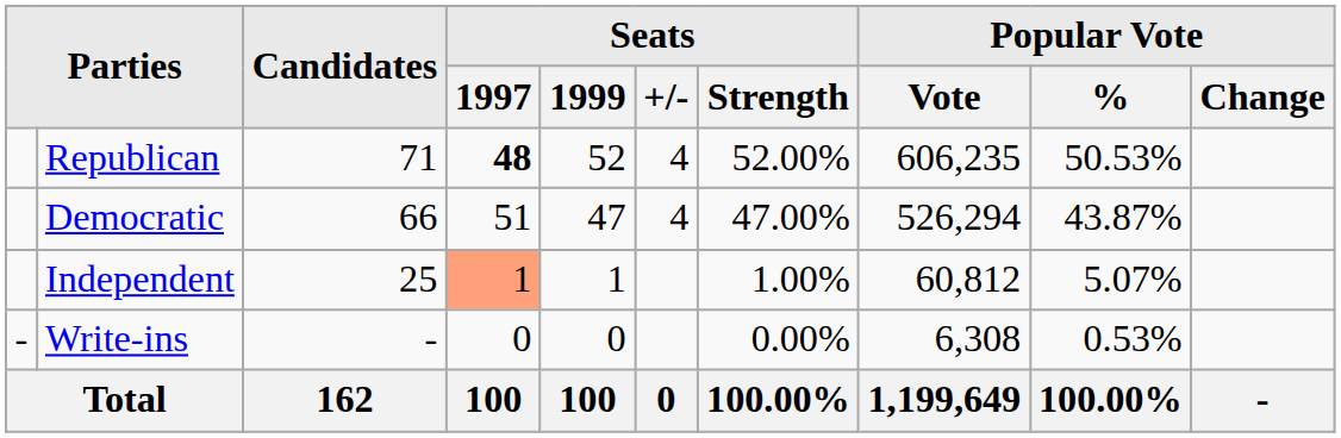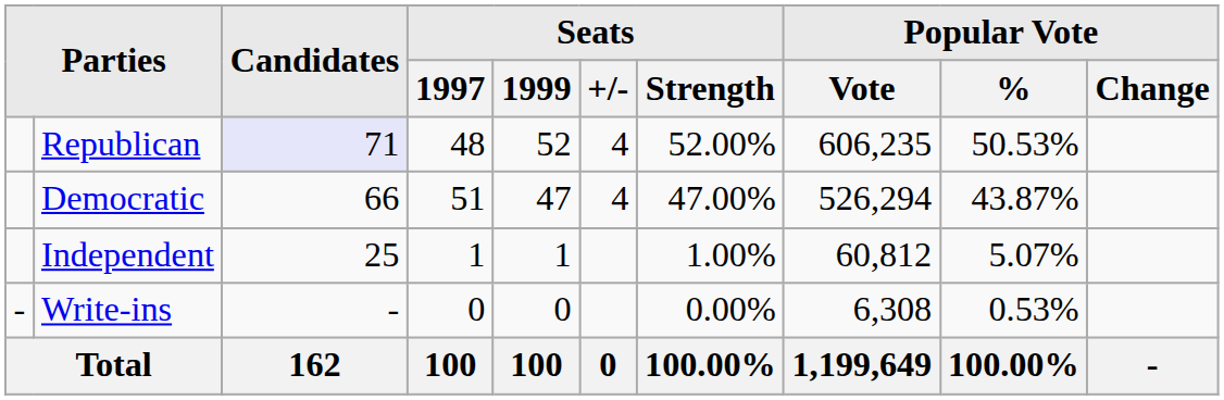 <table class=wikitable>
 <tr>
 <th style="background-color:#E9E9E9" align=center rowspan= 2 colspan=2>Parties</th>
 <th style="background-color:#E9E9E9" align=center rowspan= 2>Candidates</th>
 <th style="background-color:#E9E9E9" align=center colspan=4>Seats</th>
 <th style="background-color:#E9E9E9" align=center colspan=3>Popular Vote</th>
 </tr>
 <tr>
 <th align=center>1997</th>
 <th align=center>1999</th>
 <th align=center>+/-</th>
 <th align=center>Strength</th>
 <th align=center>Vote</th>
 <th align=center>%</th>
 <th align=center>Change</th>
 </tr>
 <tr>
 <td></td>
 <td align=left><a href='#'>Republican</a></td>
-<td align=right>71</td>
-<td align=right><strong>48</strong></td>
+<td align=right style="background: lavender;">71</td>
+<td align=right>48</td>
 <td align=right >52</td>
 <td align=right> 4</td>
 <td align=right >52.00%</td>
 <td align=right >606,235</td>
 <td align=right >50.53%</td>
 <td align=right></td>
 </tr>
 <tr>
 <td></td>
 <td align=left><a href='#'>Democratic</a></td>
 <td align=right>66</td>
 <td align=right >51</td>
 <td align=right>47</td>
 <td align=right> 4</td>
 <td align=right>47.00%</td>
 <td align=right>526,294</td>
 <td align=right>43.87%</td>
 <td align=right></td>
 </tr>
 <tr>
 <td></td>
 <td><a href='#'>Independent</a></td>
 <td align=right>25</td>
-<td align=right style="background: lightsalmon;">1</td>
+<td align=right>1</td>
 <td align=right>1</td>
 <td align=right></td>
 <td align=right>1.00%</td>
 <td align=right>60,812</td>
 <td align=right>5.07%</td>
 <td align=right></td>
 </tr>
 <tr>
 <td>-</td>
 <td><a href='#'>Write-ins</a></td>
 <td align=right>-</td>
 <td align=right>0</td>
 <td align=right>0</td>
 <td align=right></td>
 <td align=right>0.00%</td>
 <td align=right>6,308</td>
 <td align=right>0.53%</td>
 <td align=right></td>
 </tr>
 <tr>
 <th align=center colspan="2">Total</th>
 <th align=center>162</th>
 <th align=center>100</th>
 <th align=center>100</th>
 <th align=center>0</th>
 <th align=center>100.00%</th>
 <th align=center>1,199,649</th>
 <th align=center>100.00%</th>
 <th align=center>-</th>
 </tr>
 </table>
